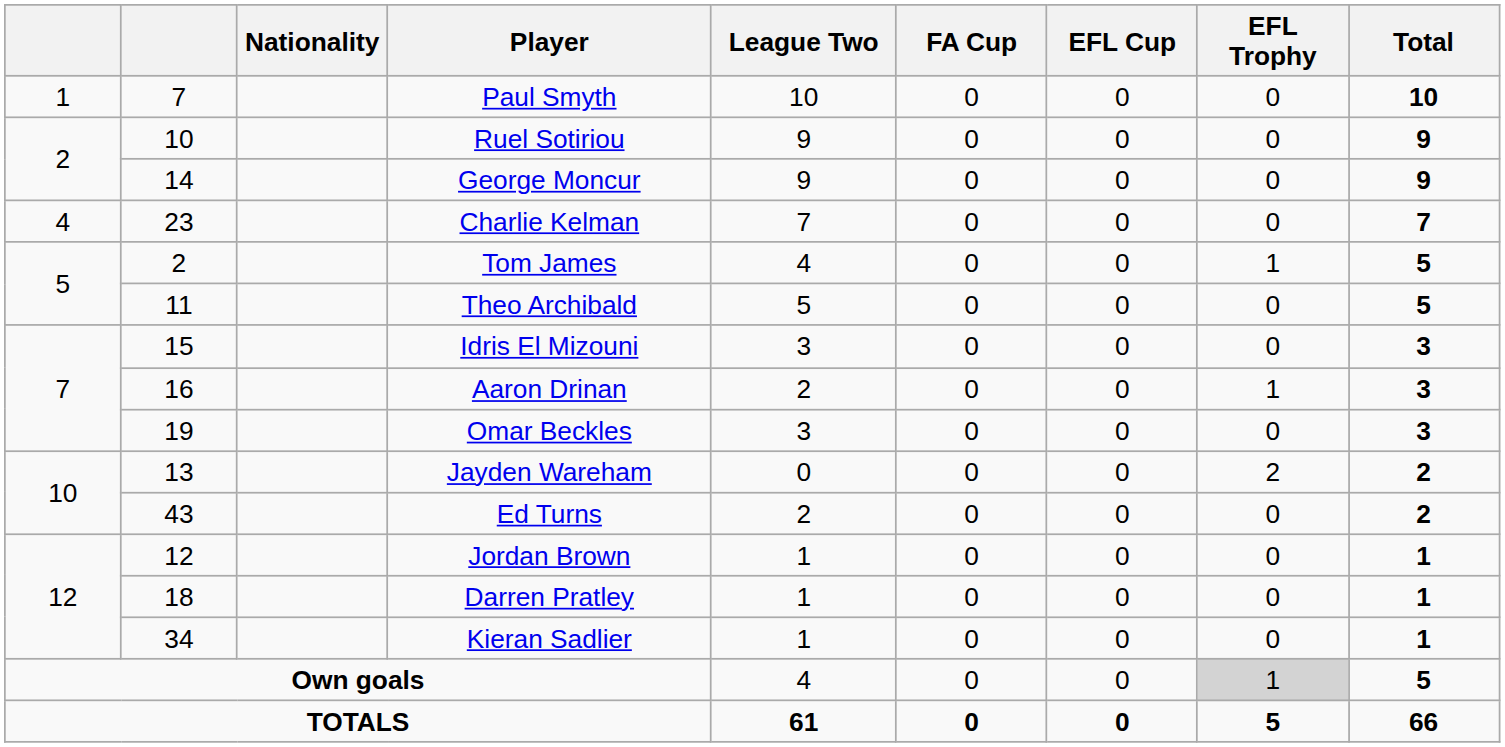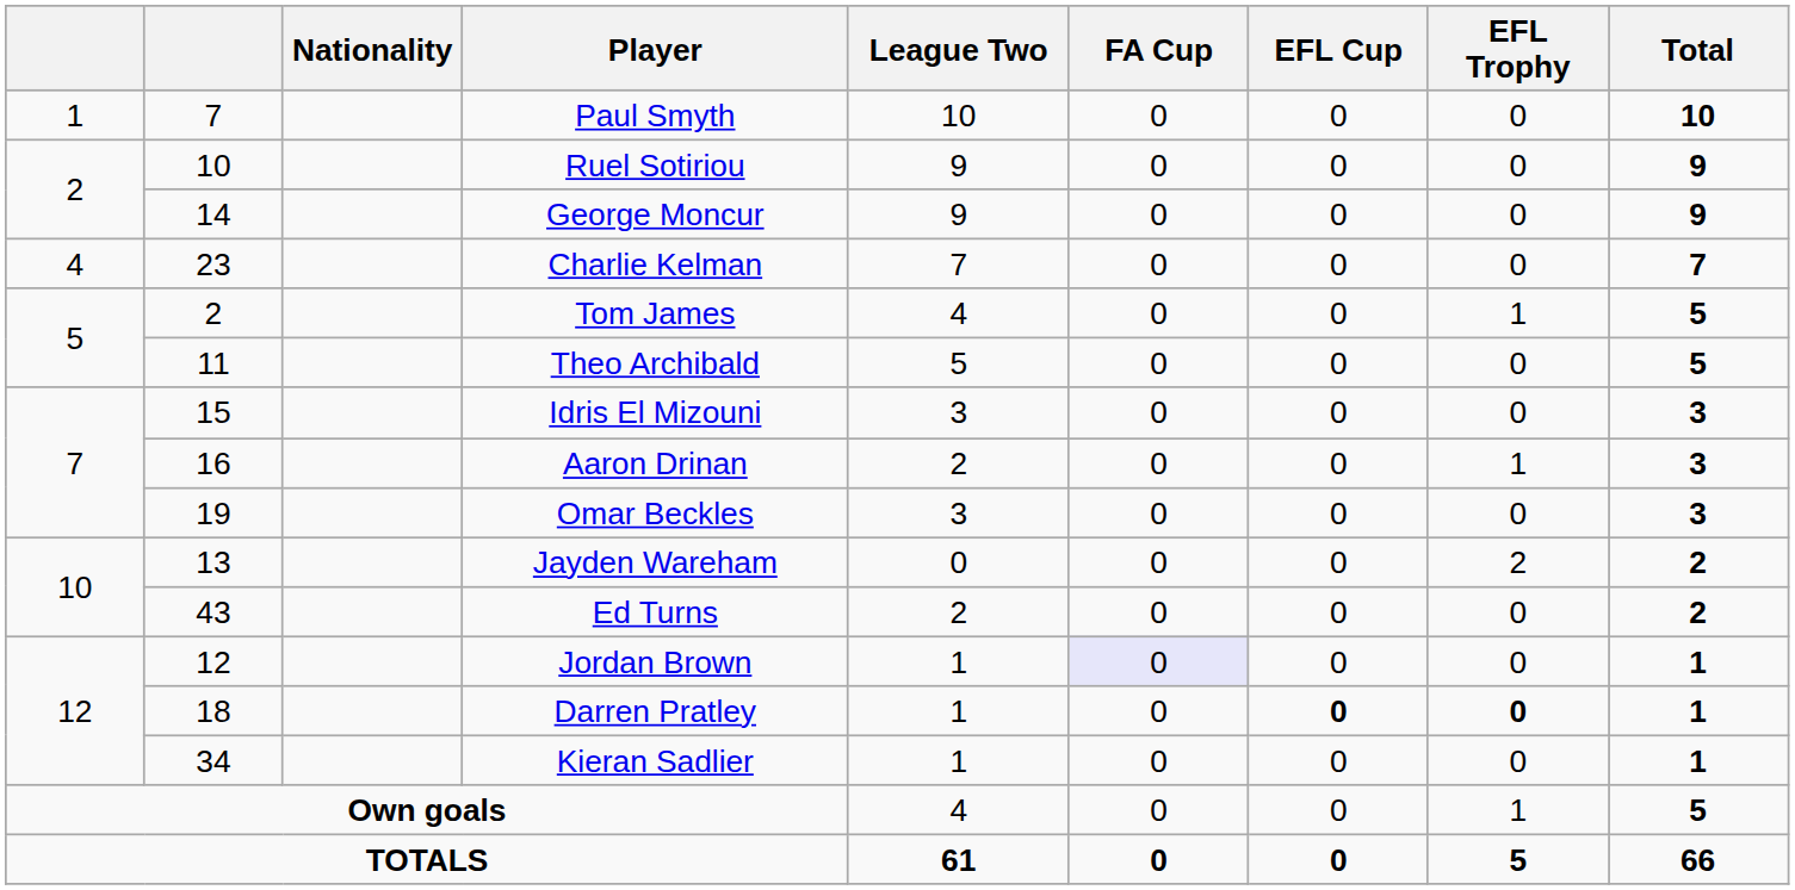 <table class="wikitable" style="font-size: 95%; text-align: center;">
 <tr>
 <th width=60></th>
 <th width=60></th>
 <th width=80>Nationality</th>
 <th width=180>Player</th>
 <th width=100>League Two</th>
 <th width=80>FA Cup</th>
 <th width=80>EFL Cup</th>
 <th width=80>EFL Trophy</th>
 <th width=80>Total</th>
 </tr>
 <tr>
 <td rowspan=1>1</td>
 <td>7</td>
 <td></td>
 <td><a href='#'>Paul Smyth</a></td>
 <td>10</td>
 <td>0</td>
 <td>0</td>
 <td>0</td>
 <td><strong>10</strong></td>
 </tr>
 <tr>
 <td rowspan=2>2</td>
 <td>10</td>
 <td></td>
 <td><a href='#'>Ruel Sotiriou</a></td>
 <td>9</td>
 <td>0</td>
 <td>0</td>
 <td>0</td>
 <td><strong>9</strong></td>
 </tr>
 <tr>
 <td>14</td>
 <td></td>
 <td><a href='#'>George Moncur</a></td>
 <td>9</td>
 <td>0</td>
 <td>0</td>
 <td>0</td>
 <td><strong>9</strong></td>
 </tr>
 <tr>
 <td rowspan=1>4</td>
 <td>23</td>
 <td></td>
 <td><a href='#'>Charlie Kelman</a></td>
 <td>7</td>
 <td>0</td>
 <td>0</td>
 <td>0</td>
 <td><strong>7</strong></td>
 </tr>
 <tr>
 <td rowspan=2>5</td>
 <td>2</td>
 <td></td>
 <td><a href='#'>Tom James</a></td>
 <td>4</td>
 <td>0</td>
 <td>0</td>
 <td>1</td>
 <td><strong>5</strong></td>
 </tr>
 <tr>
 <td>11</td>
 <td></td>
 <td><a href='#'>Theo Archibald</a></td>
 <td>5</td>
 <td>0</td>
 <td>0</td>
 <td>0</td>
 <td><strong>5</strong></td>
 </tr>
 <tr>
 <td rowspan=3>7</td>
 <td>15</td>
 <td></td>
 <td><a href='#'>Idris El Mizouni</a></td>
 <td>3</td>
 <td>0</td>
 <td>0</td>
 <td>0</td>
 <td><strong>3</strong></td>
 </tr>
 <tr>
 <td>16</td>
 <td></td>
 <td><a href='#'>Aaron Drinan</a></td>
 <td>2</td>
 <td>0</td>
 <td>0</td>
 <td>1</td>
 <td><strong>3</strong></td>
 </tr>
 <tr>
 <td>19</td>
 <td></td>
 <td><a href='#'>Omar Beckles</a></td>
 <td>3</td>
 <td>0</td>
 <td>0</td>
 <td>0</td>
 <td><strong>3</strong></td>
 </tr>
 <tr>
 <td rowspan=2>10</td>
 <td>13</td>
 <td></td>
 <td><a href='#'>Jayden Wareham</a></td>
 <td>0</td>
 <td>0</td>
 <td>0</td>
 <td>2</td>
 <td><strong>2</strong></td>
 </tr>
 <tr>
 <td>43</td>
 <td></td>
 <td><a href='#'>Ed Turns</a></td>
 <td>2</td>
 <td>0</td>
 <td>0</td>
 <td>0</td>
 <td><strong>2</strong></td>
 </tr>
 <tr>
 <td rowspan=3>12</td>
 <td>12</td>
 <td></td>
 <td><a href='#'>Jordan Brown</a></td>
 <td>1</td>
-<td>0</td>
+<td style="background: lavender;">0</td>
 <td>0</td>
 <td>0</td>
 <td><strong>1</strong></td>
 </tr>
 <tr>
 <td>18</td>
 <td></td>
 <td><a href='#'>Darren Pratley</a></td>
 <td>1</td>
 <td>0</td>
-<td>0</td>
-<td>0</td>
+<td><strong>0</strong></td>
+<td><strong>0</strong></td>
 <td><strong>1</strong></td>
 </tr>
 <tr>
 <td>34</td>
 <td></td>
 <td><a href='#'>Kieran Sadlier</a></td>
 <td>1</td>
 <td>0</td>
 <td>0</td>
 <td>0</td>
 <td><strong>1</strong></td>
 </tr>
 <tr>
 <td colspan=4><strong>Own goals</strong></td>
 <td>4</td>
 <td>0</td>
 <td>0</td>
-<td style="background: lightgrey;">1</td>
+<td>1</td>
 <td><strong>5</strong></td>
 </tr>
 <tr>
 <td colspan=4><strong>TOTALS</strong></td>
 <td><strong>61</strong></td>
 <td><strong>0</strong></td>
 <td><strong>0</strong></td>
 <td><strong>5</strong></td>
 <td><strong>66</strong></td>
 </tr>
 </table>
